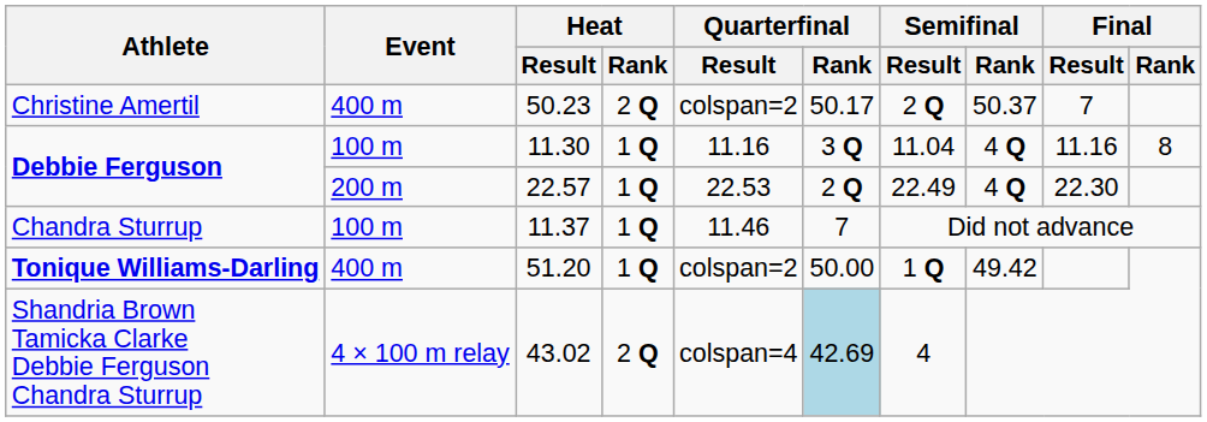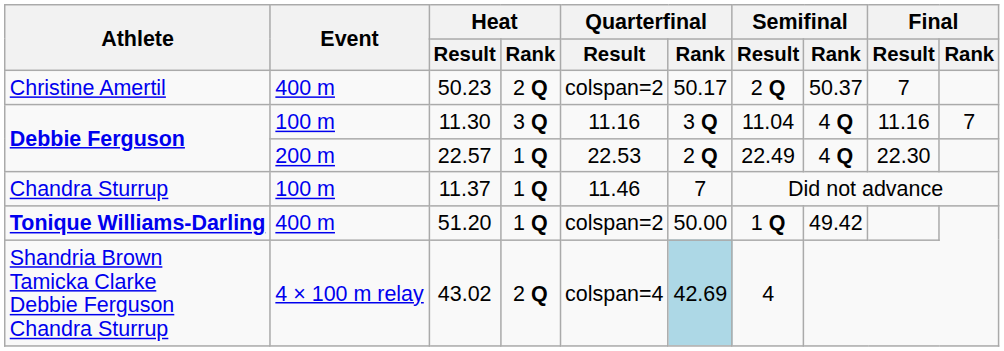 <table class="wikitable" style="font-size:90%">
 <tr>
 <th rowspan="2">Athlete</th>
 <th rowspan="2">Event</th>
 <th colspan="2">Heat</th>
 <th colspan="2">Quarterfinal</th>
 <th colspan="2">Semifinal</th>
 <th colspan="2">Final</th>
 </tr>
 <tr style="font-size:95%">
 <th>Result</th>
 <th>Rank</th>
 <th>Result</th>
 <th>Rank</th>
 <th>Result</th>
 <th>Rank</th>
 <th>Result</th>
 <th>Rank</th>
 </tr>
 <tr align=center>
 <td align=left><a href='#'>Christine Amertil</a></td>
 <td align=left><a href='#'>400 m</a></td>
 <td>50.23</td>
 <td>2 <strong>Q</strong></td>
 <td>colspan=2 </td>
 <td>50.17</td>
 <td>2 <strong>Q</strong></td>
 <td>50.37</td>
 <td>7</td>
 </tr>
 <tr align=center>
 <td align=left rowspan=2><strong><a href='#'>Debbie Ferguson</a></strong></td>
 <td align=left><a href='#'>100 m</a></td>
 <td>11.30</td>
-<td>1 <strong>Q</strong></td>
+<td>3 <strong>Q</strong></td>
 <td>11.16</td>
 <td>3 <strong>Q</strong></td>
 <td>11.04</td>
 <td>4 <strong>Q</strong></td>
 <td>11.16</td>
-<td>8</td>
+<td>7</td>
 </tr>
 <tr align=center>
 <td align=left><a href='#'>200 m</a></td>
 <td>22.57</td>
 <td>1 <strong>Q</strong></td>
 <td>22.53</td>
 <td>2 <strong>Q</strong></td>
 <td>22.49</td>
 <td>4 <strong>Q</strong></td>
 <td>22.30</td>
 <td></td>
 </tr>
 <tr align=center>
 <td align=left><a href='#'>Chandra Sturrup</a></td>
 <td align=left><a href='#'>100 m</a></td>
 <td>11.37</td>
 <td>1 <strong>Q</strong></td>
 <td>11.46</td>
 <td>7</td>
 <td colspan=4>Did not advance</td>
 </tr>
 <tr align=center>
 <td align=left><strong><a href='#'>Tonique Williams-Darling</a></strong></td>
 <td align=left><a href='#'>400 m</a></td>
 <td>51.20</td>
 <td>1 <strong>Q</strong></td>
 <td>colspan=2 </td>
 <td>50.00</td>
 <td>1 <strong>Q</strong></td>
 <td>49.42</td>
 <td></td>
 </tr>
 <tr align=center>
 <td align=left><a href='#'>Shandria Brown</a><br><a href='#'>Tamicka Clarke</a><br><a href='#'>Debbie Ferguson</a><br><a href='#'>Chandra Sturrup</a></td>
 <td align=left><a href='#'>4 × 100 m relay</a></td>
 <td>43.02</td>
 <td>2 <strong>Q</strong></td>
 <td>colspan=4 </td>
 <td style="background: lightblue;">42.69</td>
 <td>4</td>
 </tr>
 </table>
